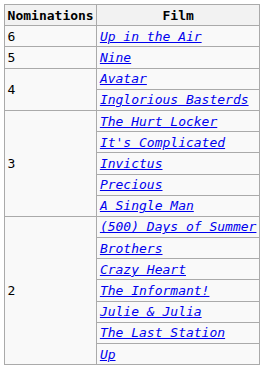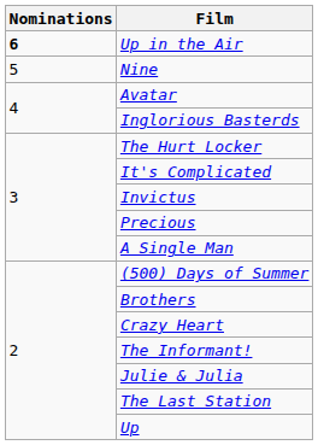 <table class="wikitable">
 <tr>
 <th>Nominations</th>
 <th>Film</th>
 </tr>
 <tr>
-<td>6</td>
+<td><strong>6</strong></td>
 <td><em><a href='#'>Up in the Air</a></em></td>
 </tr>
 <tr>
 <td>5</td>
 <td><em><a href='#'>Nine</a></em></td>
 </tr>
 <tr>
 <td rowspan="2">4</td>
 <td><em><a href='#'>Avatar</a></em></td>
 </tr>
 <tr>
 <td><em><a href='#'>Inglorious Basterds</a></em></td>
 </tr>
 <tr>
 <td rowspan="5">3</td>
 <td><em><a href='#'>The Hurt Locker</a></em></td>
 </tr>
 <tr>
 <td><em><a href='#'>It's Complicated</a></em></td>
 </tr>
 <tr>
 <td><em><a href='#'>Invictus</a></em></td>
 </tr>
 <tr>
 <td><em><a href='#'>Precious</a></em></td>
 </tr>
 <tr>
 <td><em><a href='#'>A Single Man</a></em></td>
 </tr>
 <tr>
 <td rowspan="7">2</td>
 <td><em><a href='#'>(500) Days of Summer</a></em></td>
 </tr>
 <tr>
 <td><em><a href='#'>Brothers</a></em></td>
 </tr>
 <tr>
 <td><em><a href='#'>Crazy Heart</a></em></td>
 </tr>
 <tr>
 <td><em><a href='#'>The Informant!</a></em></td>
 </tr>
 <tr>
 <td><em><a href='#'>Julie & Julia</a></em></td>
 </tr>
 <tr>
 <td><em><a href='#'>The Last Station</a></em></td>
 </tr>
 <tr>
 <td><em><a href='#'>Up</a></em></td>
 </tr>
 </table>
